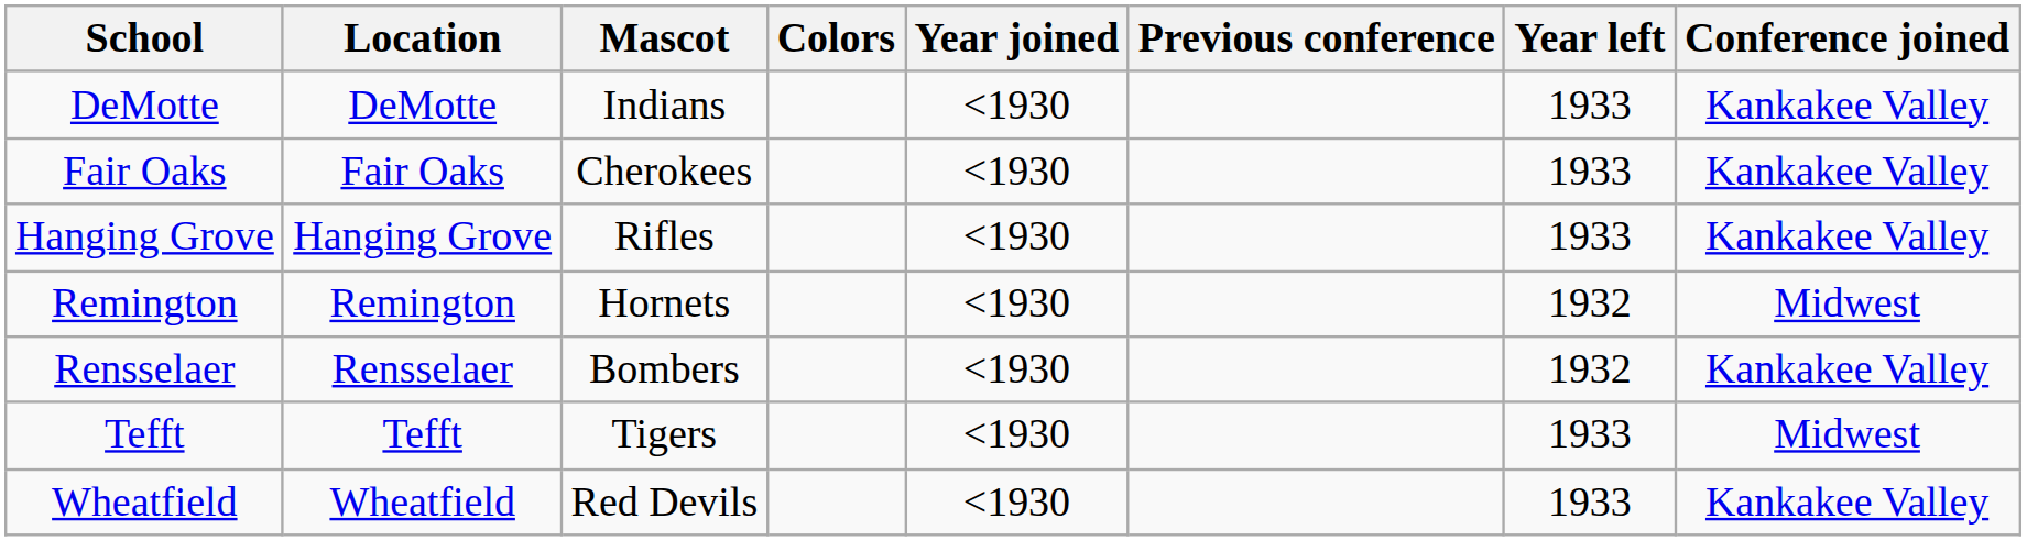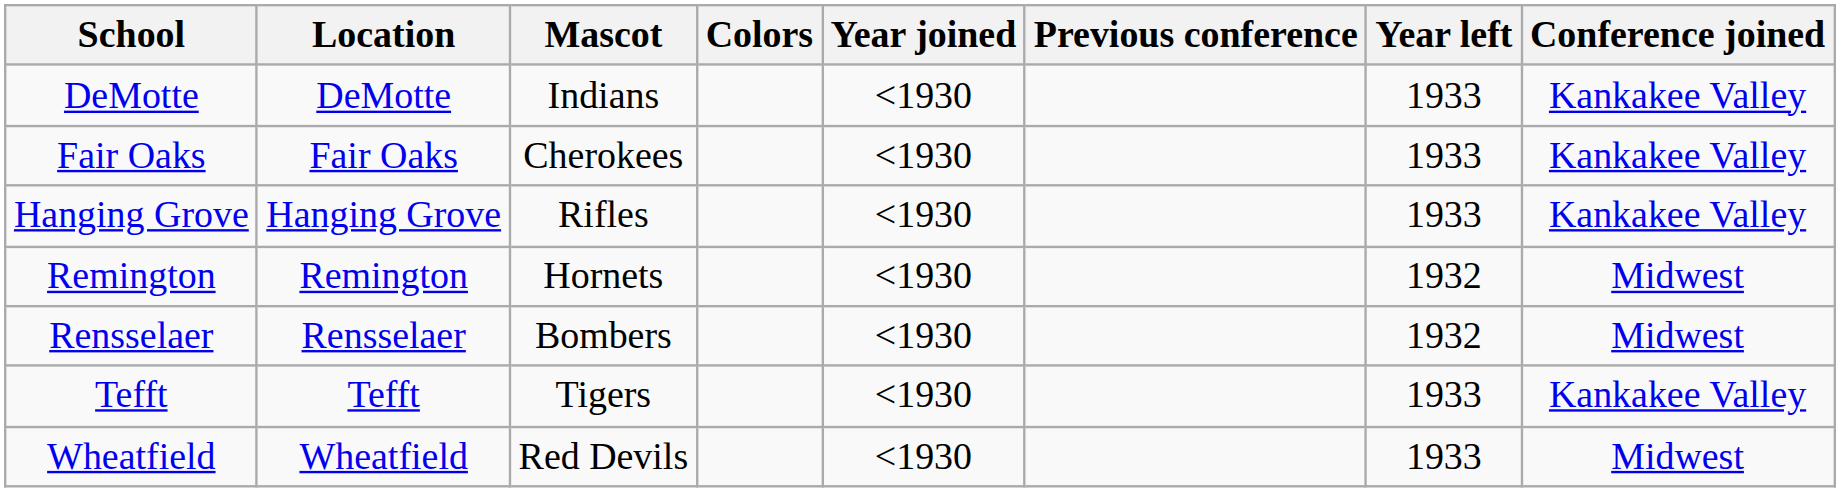 <table class="wikitable" style="text-align:center;">
 <tr>
 <th>School</th>
 <th>Location</th>
 <th>Mascot</th>
 <th>Colors</th>
 <th>Year joined</th>
 <th>Previous conference</th>
 <th>Year left</th>
 <th>Conference joined</th>
 </tr>
 <tr>
 <td><a href='#'>DeMotte</a></td>
 <td><a href='#'>DeMotte</a></td>
 <td>Indians</td>
 <td> </td>
 <td><1930</td>
 <td></td>
 <td>1933</td>
 <td><a href='#'>Kankakee Valley</a></td>
 </tr>
 <tr>
 <td><a href='#'>Fair Oaks</a></td>
 <td><a href='#'>Fair Oaks</a></td>
 <td>Cherokees</td>
 <td> </td>
 <td><1930</td>
 <td></td>
 <td>1933</td>
 <td><a href='#'>Kankakee Valley</a></td>
 </tr>
 <tr>
 <td><a href='#'>Hanging Grove</a></td>
 <td><a href='#'>Hanging Grove</a></td>
 <td>Rifles</td>
 <td> </td>
 <td><1930</td>
 <td></td>
 <td>1933</td>
 <td><a href='#'>Kankakee Valley</a></td>
 </tr>
 <tr>
 <td><a href='#'>Remington</a></td>
 <td><a href='#'>Remington</a></td>
 <td>Hornets</td>
 <td> </td>
 <td><1930</td>
 <td></td>
 <td>1932</td>
 <td><a href='#'>Midwest</a></td>
 </tr>
 <tr>
 <td><a href='#'>Rensselaer</a></td>
 <td><a href='#'>Rensselaer</a></td>
 <td>Bombers</td>
 <td> </td>
 <td><1930</td>
 <td></td>
 <td>1932</td>
-<td><a href='#'>Kankakee Valley</a></td>
+<td><a href='#'>Midwest</a></td>
 </tr>
 <tr>
 <td><a href='#'>Tefft</a></td>
 <td><a href='#'>Tefft</a></td>
 <td>Tigers</td>
 <td> </td>
 <td><1930</td>
 <td></td>
 <td>1933</td>
-<td><a href='#'>Midwest</a></td>
+<td><a href='#'>Kankakee Valley</a></td>
 </tr>
 <tr>
 <td><a href='#'>Wheatfield</a></td>
 <td><a href='#'>Wheatfield</a></td>
 <td>Red Devils</td>
 <td> </td>
 <td><1930</td>
 <td></td>
 <td>1933</td>
-<td><a href='#'>Kankakee Valley</a></td>
+<td><a href='#'>Midwest</a></td>
 </tr>
 </table>
